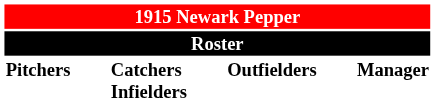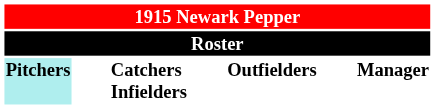 <table class="toccolours" style="font-size: 95%;">
 <tr>
 <th colspan="10" style="background-color: red; color: white; text-align: center;">1915 Newark Pepper</th>
 </tr>
 <tr>
 <td colspan="10" style="background-color: black; color: white; text-align: center;"><strong>Roster</strong></td>
 </tr>
 <tr>
-<td valign="top"><strong>Pitchers</strong><br>          </td>
+<td valign="top" style="background: paleturquoise;"><strong>Pitchers</strong><br>          </td>
 <td width="25px"></td>
 <td valign="top"><strong>Catchers</strong><br>    <strong>Infielders</strong>        </td>
 <td width="25px"></td>
 <td valign="top"><strong>Outfielders</strong><br>    </td>
 <td width="25px"></td>
 <td valign="top"><strong>Manager</strong><br> </td>
 </tr>
 </table>
